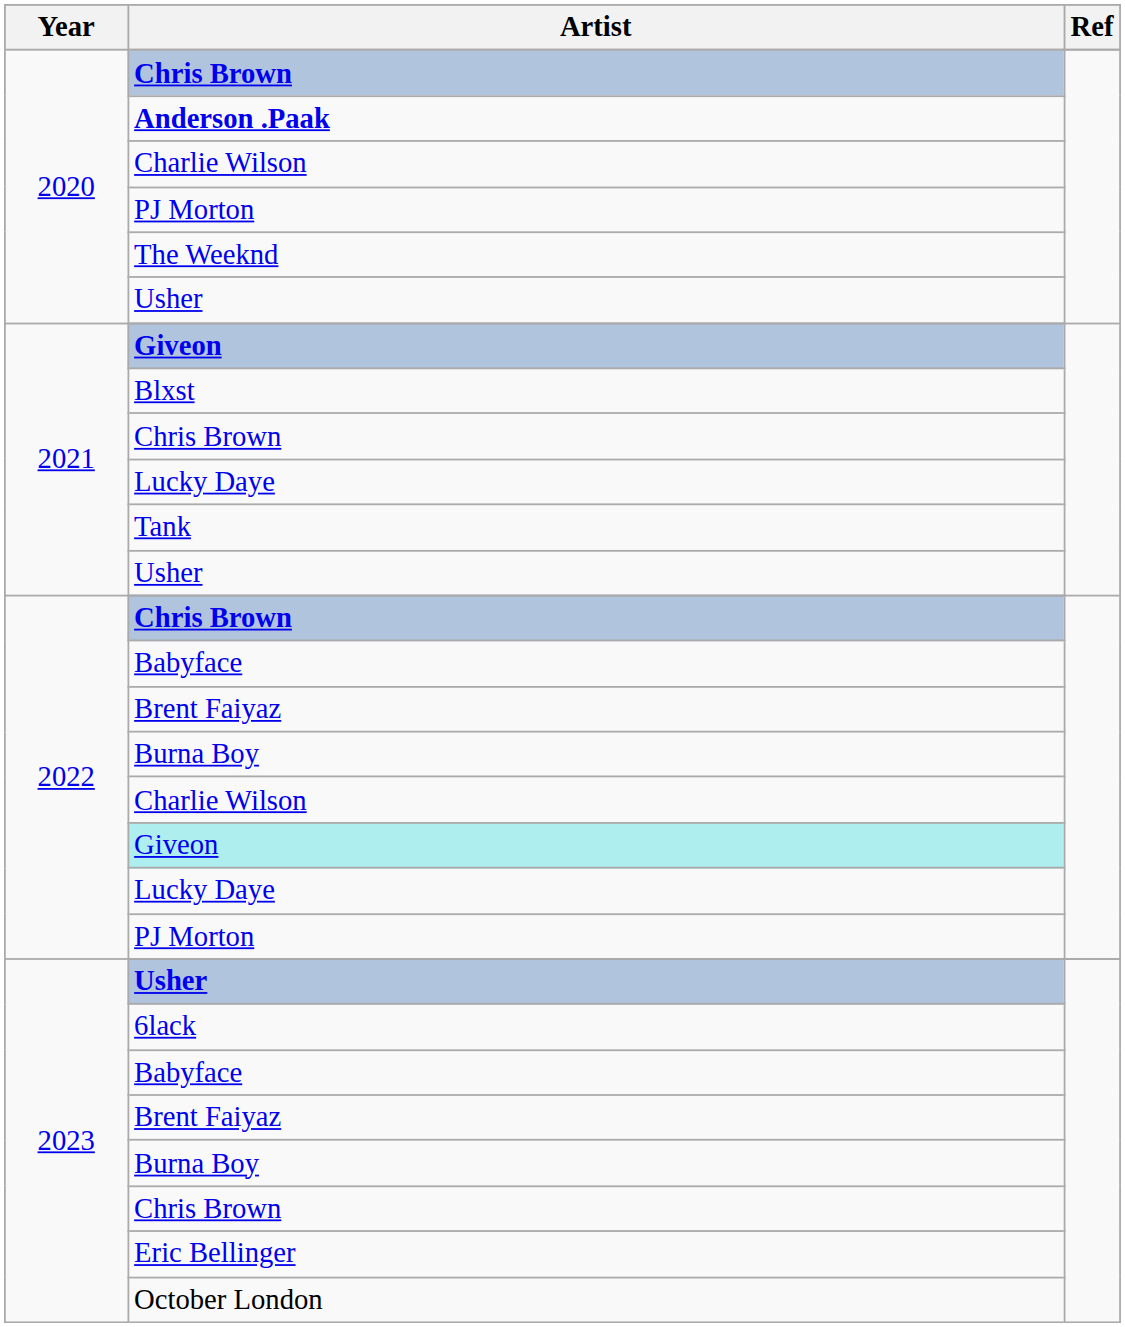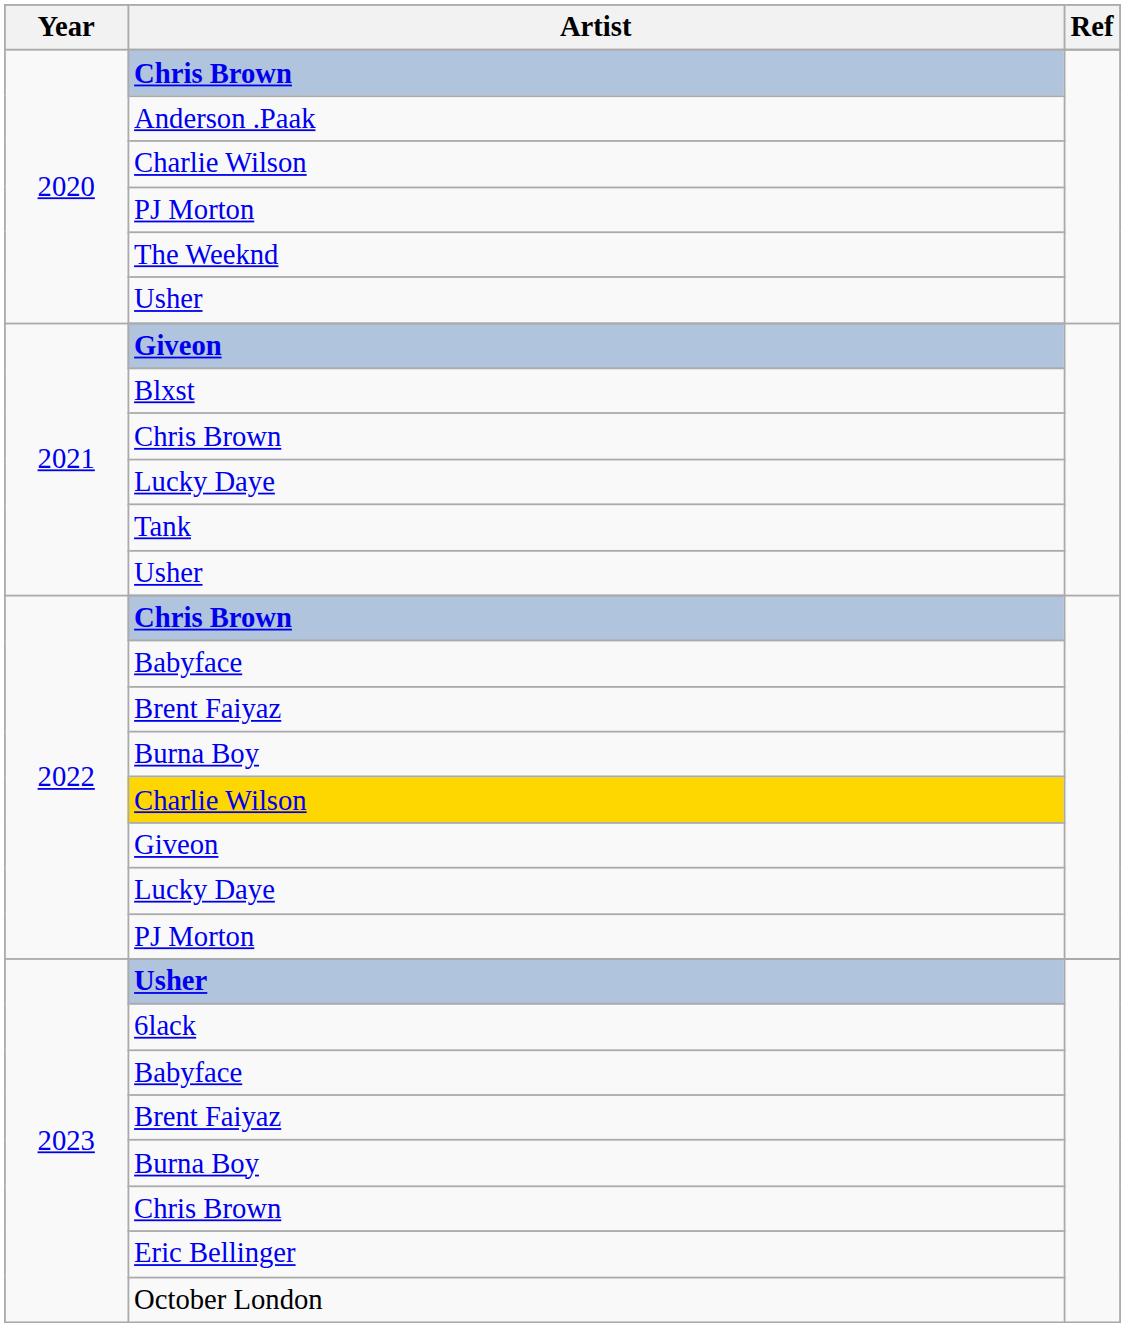 <table class="wikitable" style="width:100%;">
 <tr style="background:#bebebe;">
 <th style="width:11%;">Year</th>
 <th style="width:84%;">Artist</th>
 <th style="width:5%;">Ref</th>
 </tr>
 <tr>
 <td rowspan="7" align="center"><a href='#'>2020</a></td>
 </tr>
 <tr>
 <td style="background:#B0C4DE"><strong><a href='#'>Chris Brown</a></strong></td>
 <td rowspan="7" align="center"></td>
 </tr>
 <tr>
-<td><strong><a href='#'>Anderson .Paak</a></strong></td>
+<td><a href='#'>Anderson .Paak</a></td>
 </tr>
 <tr>
 <td><a href='#'>Charlie Wilson</a></td>
 </tr>
 <tr>
 <td><a href='#'>PJ Morton</a></td>
 </tr>
 <tr>
 <td><a href='#'>The Weeknd</a></td>
 </tr>
 <tr>
 <td><a href='#'>Usher</a></td>
 </tr>
 <tr>
 <td rowspan="7" align="center"><a href='#'>2021</a></td>
 </tr>
 <tr>
 <td style="background:#B0C4DE"><strong><a href='#'>Giveon</a></strong></td>
 <td rowspan="7" align="center"></td>
 </tr>
 <tr>
 <td><a href='#'>Blxst</a></td>
 </tr>
 <tr>
 <td><a href='#'>Chris Brown</a></td>
 </tr>
 <tr>
 <td><a href='#'>Lucky Daye</a></td>
 </tr>
 <tr>
 <td><a href='#'>Tank</a></td>
 </tr>
 <tr>
 <td><a href='#'>Usher</a></td>
 </tr>
 <tr>
 <td rowspan="9" align="center"><a href='#'>2022</a></td>
 </tr>
 <tr>
 <td style="background:#B0C4DE"><strong><a href='#'>Chris Brown</a></strong></td>
 <td rowspan="8" align="center"></td>
 </tr>
 <tr>
 <td><a href='#'>Babyface</a></td>
 </tr>
 <tr>
 <td><a href='#'>Brent Faiyaz</a></td>
 </tr>
 <tr>
 <td><a href='#'>Burna Boy</a></td>
 </tr>
 <tr>
-<td><a href='#'>Charlie Wilson</a></td>
+<td style="background: gold;"><a href='#'>Charlie Wilson</a></td>
 </tr>
 <tr>
-<td style="background: paleturquoise;"><a href='#'>Giveon</a></td>
+<td><a href='#'>Giveon</a></td>
 </tr>
 <tr>
 <td><a href='#'>Lucky Daye</a></td>
 </tr>
 <tr>
 <td><a href='#'>PJ Morton</a></td>
 </tr>
 <tr>
 <td rowspan="9" align="center"><a href='#'>2023</a></td>
 </tr>
 <tr>
 <td style="background:#B0C4DE"><strong><a href='#'>Usher</a></strong></td>
 <td rowspan="8" align="center"></td>
 </tr>
 <tr>
 <td><a href='#'>6lack</a></td>
 </tr>
 <tr>
 <td><a href='#'>Babyface</a></td>
 </tr>
 <tr>
 <td><a href='#'>Brent Faiyaz</a></td>
 </tr>
 <tr>
 <td><a href='#'>Burna Boy</a></td>
 </tr>
 <tr>
 <td><a href='#'>Chris Brown</a></td>
 </tr>
 <tr>
 <td><a href='#'>Eric Bellinger</a></td>
 </tr>
 <tr>
 <td>October London</td>
 </tr>
 </table>
